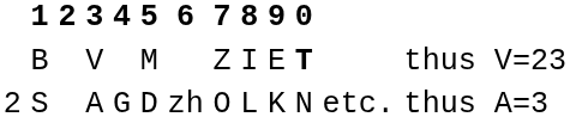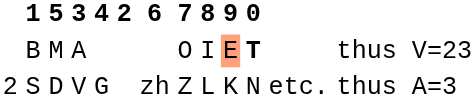 <table>
 <tr>
 <th></th>
 <th>1</th>
-<th>2</th>
+<th>5</th>
 <th>3</th>
 <th>4</th>
-<th>5</th>
+<th>2</th>
 <th>6</th>
 <th>7</th>
 <th>8</th>
 <th>9</th>
 <th>0</th>
 <th></th>
 <th></th>
 </tr>
 <tr>
 <td></td>
 <td>B</td>
+<td>M</td>
+<td>A</td>
 <td></td>
-<td>V</td>
 <td></td>
-<td>M</td>
 <td></td>
-<td>Z</td>
+<td>O</td>
 <td>I</td>
-<td>E</td>
+<td style="background: lightsalmon;">E</td>
 <td><strong>T</strong></td>
 <td></td>
 <td>thus V=23</td>
 </tr>
 <tr>
 <td>2</td>
 <td>S</td>
+<td>D</td>
+<td>V</td>
+<td>G</td>
 <td></td>
-<td>A</td>
-<td>G</td>
-<td>D</td>
 <td>zh</td>
-<td>O</td>
+<td>Z</td>
 <td>L</td>
 <td>K</td>
 <td>N</td>
 <td>etc.</td>
 <td>thus A=3</td>
 </tr>
 </table>
